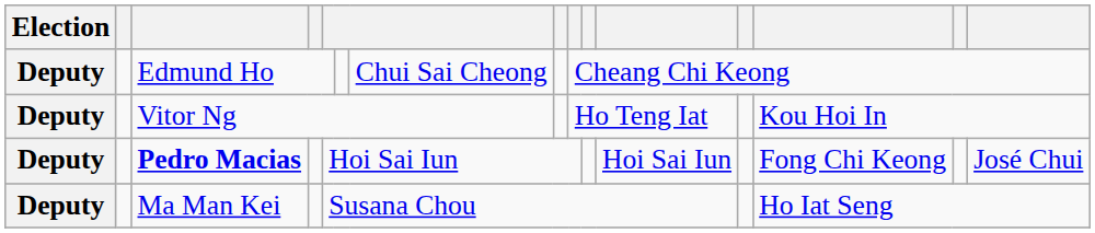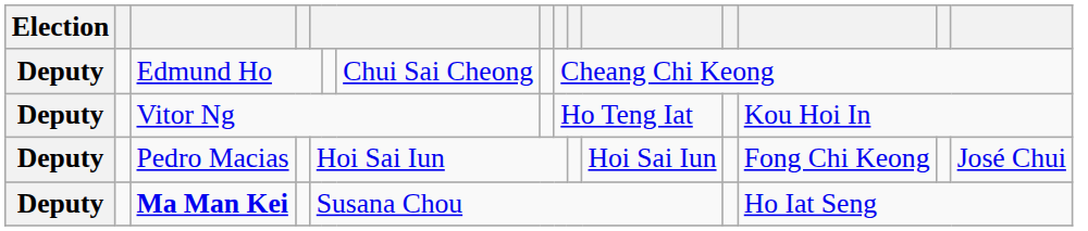 <table class="wikitable">
 <tr>
 <th>Election</th>
 <th style="width:1px;"></th>
 <th></th>
 <th style="width:1px;"></th>
 <th colspan=3></th>
 <th style="width:1px;"></th>
 <th></th>
 <th style="width:1px;"></th>
 <th></th>
 <th style="width:1px;"></th>
 <th></th>
 <th style="width:1px;"></th>
 <th></th>
 </tr>
 <tr>
 <th>Deputy</th>
 <td width=1px style="background-color: "></td>
 <td colspan = 2 align = left style="border-right:solid 0px"><a href='#'>Edmund Ho</a></td>
 <td colspan = 1 style="border-left:solid 0px black"></td>
 <td width=1px style="background-color: "></td>
 <td colspan = 1><a href='#'>Chui Sai Cheong</a></td>
 <td width=1px style="background-color: "></td>
 <td colspan = 7><a href='#'>Cheang Chi Keong</a></td>
 </tr>
 <tr>
 <th>Deputy</th>
 <td width=1px style="background-color: "></td>
 <td colspan = 5><a href='#'>Vitor Ng</a></td>
 <td width=1px style="background-color: "></td>
 <td colspan = 3><a href='#'>Ho Teng Iat</a></td>
 <td width=1px style="background-color: "></td>
 <td colspan = 3><a href='#'>Kou Hoi In</a></td>
 </tr>
 <tr>
 <th>Deputy</th>
 <td width=1px style="background-color: "></td>
-<td colspan = 1><strong><a href='#'>Pedro Macias</a></strong></td>
+<td colspan = 1><a href='#'>Pedro Macias</a></td>
 <td width=1px style="background-color: "></td>
 <td colspan = 5><a href='#'>Hoi Sai Iun</a></td>
 <td width=1px style="background-color: "></td>
 <td colspan = 1><a href='#'>Hoi Sai Iun</a></td>
 <td width=1px style="background-color: "></td>
 <td colspan = 1><a href='#'>Fong Chi Keong</a></td>
 <td width=1px style="background-color: "></td>
 <td colspan = 1><a href='#'>José Chui</a></td>
 </tr>
 <tr>
 <th>Deputy</th>
 <td width=1px style="background-color: "></td>
-<td colspan = 1><a href='#'>Ma Man Kei</a></td>
+<td colspan = 1><strong><a href='#'>Ma Man Kei</a></strong></td>
 <td width=1px style="background-color: "></td>
 <td colspan = 7><a href='#'>Susana Chou</a></td>
 <td width=1px style="background-color: "></td>
 <td colspan = 3><a href='#'>Ho Iat Seng</a></td>
 </tr>
 </table>
